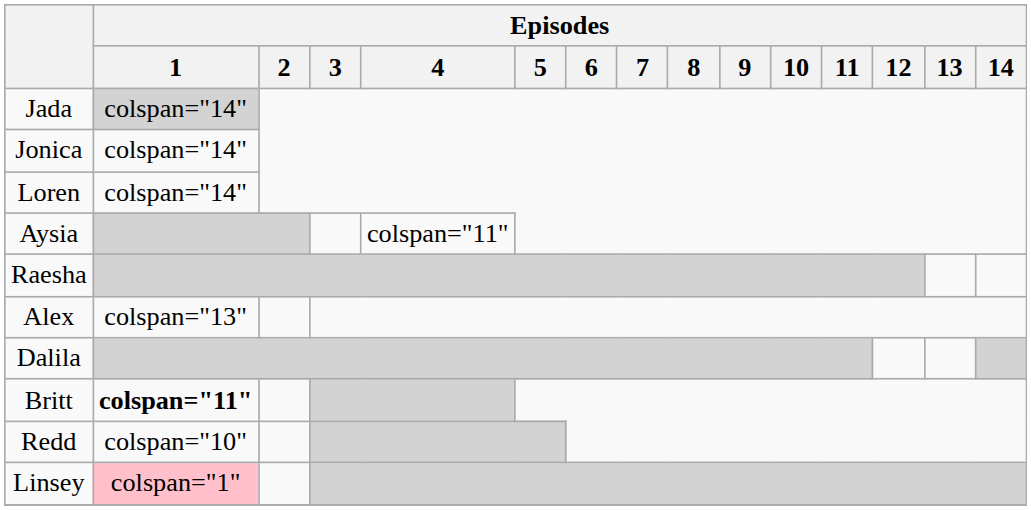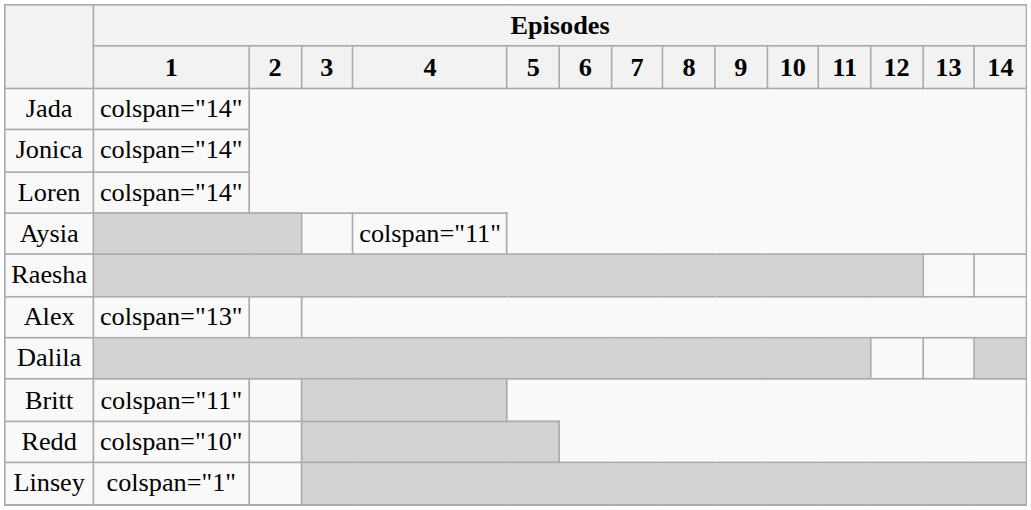 <table class="wikitable plainrowheaders" style="text-align:center; width:100%;">
 <tr>
 <th scope="col" rowspan="2" style="width:5%;"></th>
 <th scope="col" colspan="14">Episodes</th>
 </tr>
 <tr>
 <th scope="col" style="width:5%;">1</th>
 <th scope="col" style="width:5%;">2</th>
 <th scope="col" style="width:5%;">3</th>
 <th scope="col" style="width:5%;">4</th>
 <th scope="col" style="width:5%;">5</th>
 <th scope="col" style="width:5%;">6</th>
 <th scope="col" style="width:5%;">7</th>
 <th scope="col" style="width:5%;">8</th>
 <th scope="col" style="width:5%;">9</th>
 <th scope="col" style="width:5%;">10</th>
 <th scope="col" style="width:5%;">11</th>
 <th scope="col" style="width:5%;">12</th>
 <th scope="col" style="width:5%;">13</th>
 <th scope="col" style="width:5%;">14</th>
 </tr>
 <tr>
 <td scope="row">Jada</td>
-<td style="background: lightgrey;">colspan="14" </td>
+<td>colspan="14" </td>
 </tr>
 <tr>
 <td scope="row">Jonica</td>
 <td>colspan="14" </td>
 </tr>
 <tr>
 <td scope="row">Loren</td>
 <td>colspan="14" </td>
 </tr>
 <tr>
 <td scope="row">Aysia</td>
 <td colspan="2" style="background:lightgray;"></td>
 <td></td>
 <td>colspan="11" </td>
 </tr>
 <tr>
 <td scope="row">Raesha</td>
 <td colspan="12" style="background:lightgray;"></td>
 <td></td>
 <td></td>
 </tr>
 <tr>
 <td scope="row">Alex</td>
 <td>colspan="13" </td>
 <td></td>
 </tr>
 <tr>
 <td scope="row">Dalila</td>
 <td colspan="11" style="background:lightgray;"></td>
 <td></td>
 <td></td>
 <td colspan="1" style="background:lightgray;"></td>
 </tr>
 <tr>
 <td scope="row">Britt</td>
-<td><strong>colspan="11" </strong></td>
+<td>colspan="11" </td>
 <td></td>
 <td colspan="2" style="background:lightgray;"></td>
 </tr>
 <tr>
 <td scope="row">Redd</td>
 <td>colspan="10" </td>
 <td></td>
 <td colspan="3" style="background:lightgray;"></td>
 </tr>
 <tr>
 <td scope="row">Linsey</td>
-<td style="background: pink;">colspan="1" </td>
+<td>colspan="1" </td>
 <td></td>
 <td colspan="12" style="background:lightgray;"></td>
 </tr>
 <tr>
 </tr>
 </table>
